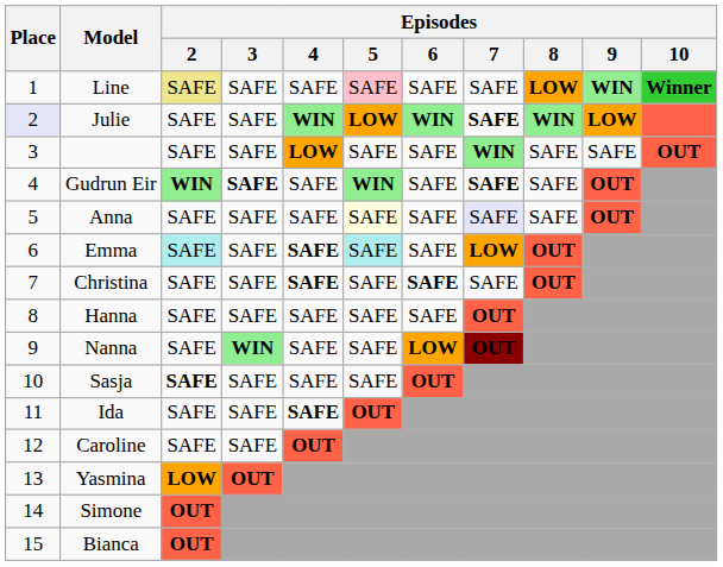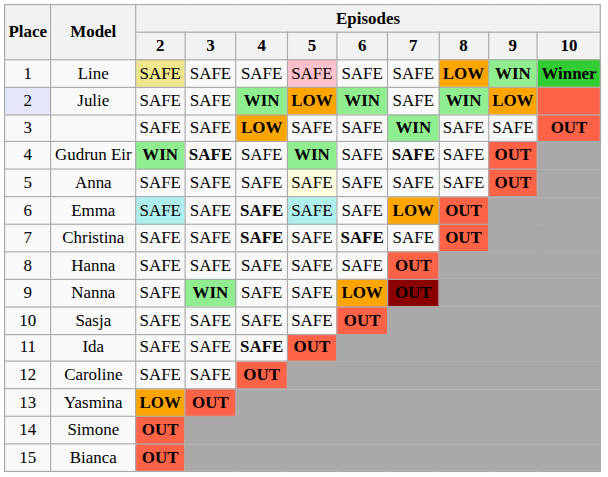 <table class="wikitable" style="text-align:center; font-size:92%">
 <tr>
 <th rowspan="2">Place</th>
 <th rowspan="2">Model</th>
 <th colspan="10">Episodes</th>
 </tr>
 <tr>
 <th>2</th>
 <th>3</th>
 <th>4</th>
 <th>5</th>
 <th>6</th>
 <th>7</th>
 <th>8</th>
 <th>9</th>
 <th>10</th>
 </tr>
 <tr>
 <td>1</td>
 <td>Line</td>
 <td style="background: khaki;">SAFE</td>
 <td>SAFE</td>
 <td>SAFE</td>
 <td style="background: pink;">SAFE</td>
 <td>SAFE</td>
 <td>SAFE</td>
 <td style="background:orange;"><strong>LOW</strong></td>
 <td style="background:lightgreen;"><strong>WIN</strong></td>
 <td style="background:limegreen;"><strong>Winner</strong></td>
 </tr>
 <tr>
 <td style="background: lavender;">2</td>
 <td>Julie</td>
 <td>SAFE</td>
 <td>SAFE</td>
 <td style="background:lightgreen;"><strong>WIN</strong></td>
 <td style="background:orange;"><strong>LOW</strong></td>
 <td style="background:lightgreen;"><strong>WIN</strong></td>
-<td><strong>SAFE</strong></td>
+<td>SAFE</td>
 <td style="background:lightgreen;"><strong>WIN</strong></td>
 <td style="background:orange;"><strong>LOW</strong></td>
 <td style="background:tomato;"></td>
 </tr>
 <tr>
 <td>3</td>
 <td></td>
 <td>SAFE</td>
 <td>SAFE</td>
 <td style="background:orange;"><strong>LOW</strong></td>
 <td>SAFE</td>
 <td>SAFE</td>
 <td style="background:lightgreen;"><strong>WIN</strong></td>
 <td>SAFE</td>
 <td>SAFE</td>
 <td style="background:tomato;"><strong>OUT</strong></td>
 </tr>
 <tr>
 <td>4</td>
 <td>Gudrun Eir</td>
 <td style="background:lightgreen;"><strong>WIN</strong></td>
 <td><strong>SAFE</strong></td>
 <td>SAFE</td>
 <td style="background:lightgreen;"><strong>WIN</strong></td>
 <td>SAFE</td>
 <td><strong>SAFE</strong></td>
 <td>SAFE</td>
 <td style="background:tomato;"><strong>OUT</strong></td>
 <td style="background:darkgrey;" colspan="12"></td>
 </tr>
 <tr>
 <td>5</td>
 <td>Anna</td>
 <td>SAFE</td>
 <td>SAFE</td>
 <td>SAFE</td>
 <td style="background: lightyellow;">SAFE</td>
 <td>SAFE</td>
-<td style="background: lavender;">SAFE</td>
+<td>SAFE</td>
 <td>SAFE</td>
 <td style="background:tomato;"><strong>OUT</strong></td>
 <td style="background:darkgrey;" colspan="12"></td>
 </tr>
 <tr>
 <td>6</td>
 <td>Emma</td>
 <td style="background: paleturquoise;">SAFE</td>
 <td>SAFE</td>
 <td><strong>SAFE</strong></td>
 <td style="background: paleturquoise;">SAFE</td>
 <td>SAFE</td>
 <td style="background:orange;"><strong>LOW</strong></td>
 <td style="background:tomato;"><strong>OUT</strong></td>
 <td style="background:darkgrey;" colspan="12"></td>
 </tr>
 <tr>
 <td>7</td>
 <td>Christina</td>
 <td>SAFE</td>
 <td>SAFE</td>
 <td><strong>SAFE</strong></td>
 <td>SAFE</td>
 <td><strong>SAFE</strong></td>
 <td>SAFE</td>
 <td style="background:tomato;"><strong>OUT</strong></td>
 <td style="background:darkgrey;" colspan="12"></td>
 </tr>
 <tr>
 <td>8</td>
 <td>Hanna</td>
 <td>SAFE</td>
 <td>SAFE</td>
 <td>SAFE</td>
 <td>SAFE</td>
 <td>SAFE</td>
 <td style="background:tomato;"><strong>OUT</strong></td>
 <td style="background:darkgrey;" colspan="12"></td>
 </tr>
 <tr>
 <td>9</td>
 <td>Nanna</td>
 <td>SAFE</td>
 <td style="background:lightgreen;"><strong>WIN</strong></td>
 <td>SAFE</td>
 <td>SAFE</td>
 <td style="background:orange;"><strong>LOW</strong></td>
 <td style="background:darkred;"><span><strong>OUT</strong></span></td>
 <td style="background:darkgrey;" colspan="12"></td>
 </tr>
 <tr>
 <td>10</td>
 <td>Sasja</td>
-<td><strong>SAFE</strong></td>
+<td>SAFE</td>
 <td>SAFE</td>
 <td>SAFE</td>
 <td>SAFE</td>
 <td style="background:tomato;"><strong>OUT</strong></td>
 <td style="background:darkgrey;" colspan="12"></td>
 </tr>
 <tr>
 <td>11</td>
 <td>Ida</td>
 <td>SAFE</td>
 <td>SAFE</td>
 <td><strong>SAFE</strong></td>
 <td style="background:tomato;"><strong>OUT</strong></td>
 <td style="background:darkgrey;" colspan="12"></td>
 </tr>
 <tr>
 <td>12</td>
 <td>Caroline</td>
 <td>SAFE</td>
 <td>SAFE</td>
 <td style="background:tomato;"><strong>OUT</strong></td>
 <td style="background:darkgrey;" colspan="12"></td>
 </tr>
 <tr>
 <td>13</td>
 <td>Yasmina</td>
 <td style="background:orange;"><strong>LOW</strong></td>
 <td style="background:tomato;"><strong>OUT</strong></td>
 <td style="background:darkgrey;" colspan="12"></td>
 </tr>
 <tr>
 <td>14</td>
 <td>Simone</td>
 <td style="background:tomato;"><strong>OUT</strong></td>
 <td style="background:darkgrey;" colspan="12"></td>
 </tr>
 <tr>
 <td>15</td>
 <td>Bianca</td>
 <td style="background:tomato;"><strong>OUT</strong></td>
 <td style="background:darkgrey;" colspan="12"></td>
 </tr>
 </table>
